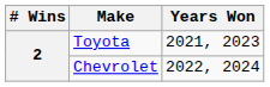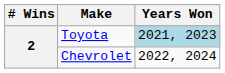 <table class="wikitable" style="font-size: 95%;">
 <tr>
 <th># Wins</th>
 <th>Make</th>
 <th>Years Won</th>
 </tr>
 <tr>
 <th rowspan=2>2</th>
 <td> <a href='#'>Toyota</a></td>
-<td>2021, 2023</td>
+<td style="background: lightblue;">2021, 2023</td>
 </tr>
 <tr>
 <td> <a href='#'>Chevrolet</a></td>
 <td>2022, 2024</td>
 </tr>
 </table>
